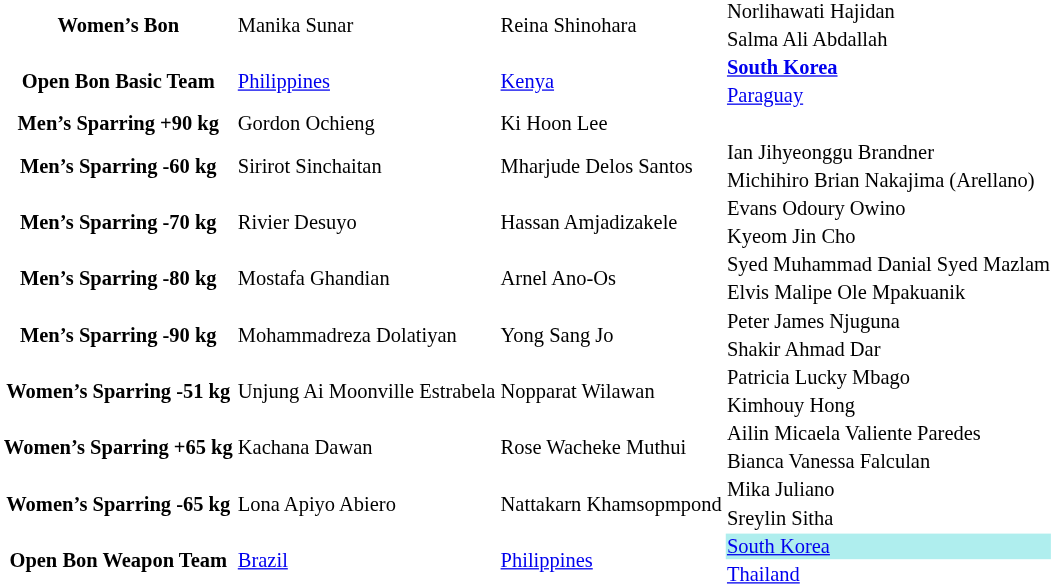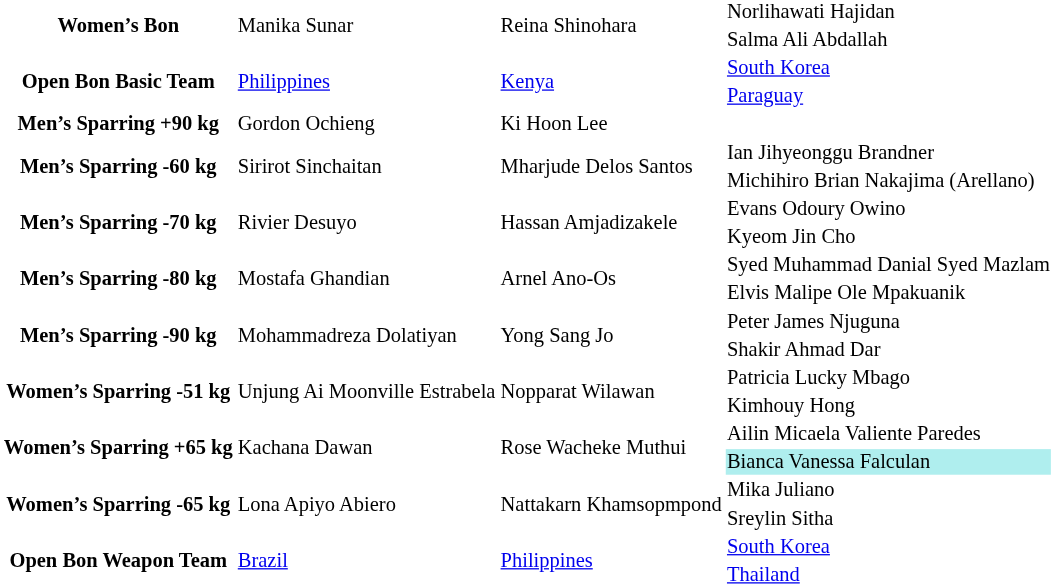 <table>
 <tr>
 <th scope=row rowspan=2>Women’s Bon</th>
 <td rowspan=2> Manika Sunar</td>
 <td rowspan=2> Reina Shinohara</td>
 <td> Norlihawati Hajidan</td>
 </tr>
 <tr>
 <td> Salma Ali Abdallah</td>
 </tr>
 <tr>
 <th scope=row rowspan=2>Open Bon Basic Team</th>
 <td rowspan=2> <a href='#'>Philippines</a></td>
 <td rowspan=2> <a href='#'>Kenya</a></td>
-<td><strong> <a href='#'>South Korea</a></strong></td>
+<td> <a href='#'>South Korea</a></td>
 </tr>
 <tr>
 <td> <a href='#'>Paraguay</a></td>
 </tr>
 <tr>
 <th scope=row rowspan=1>Men’s Sparring +90 kg</th>
 <td rowspan=1> Gordon Ochieng</td>
 <td rowspan=1> Ki Hoon Lee</td>
 </tr>
 <tr>
 <th scope=row rowspan=2>Men’s Sparring -60 kg</th>
 <td rowspan=2> Sirirot Sinchaitan</td>
 <td rowspan=2> Mharjude Delos Santos</td>
 <td> Ian Jihyeonggu Brandner</td>
 </tr>
 <tr>
 <td> Michihiro Brian Nakajima (Arellano)</td>
 </tr>
 <tr>
 <th scope=row rowspan=2>Men’s Sparring -70 kg</th>
 <td rowspan=2> Rivier Desuyo</td>
 <td rowspan=2> Hassan Amjadizakele</td>
 <td> Evans Odoury Owino</td>
 </tr>
 <tr>
 <td> Kyeom Jin Cho</td>
 </tr>
 <tr>
 <th scope=row rowspan=2>Men’s Sparring -80 kg</th>
 <td rowspan=2> Mostafa Ghandian</td>
 <td rowspan=2> Arnel Ano-Os</td>
 <td> Syed Muhammad Danial Syed Mazlam</td>
 </tr>
 <tr>
 <td> Elvis Malipe Ole Mpakuanik</td>
 </tr>
 <tr>
 <th scope=row rowspan=2>Men’s Sparring -90 kg</th>
 <td rowspan=2> Mohammadreza Dolatiyan</td>
 <td rowspan=2> Yong Sang Jo</td>
 <td> Peter James Njuguna</td>
 </tr>
 <tr>
 <td> Shakir Ahmad Dar</td>
 </tr>
 <tr>
 <th scope=row rowspan=2>Women’s Sparring -51 kg</th>
 <td rowspan=2> Unjung Ai Moonville Estrabela</td>
 <td rowspan=2> Nopparat Wilawan</td>
 <td> Patricia Lucky Mbago</td>
 </tr>
 <tr>
 <td> Kimhouy Hong</td>
 </tr>
 <tr>
 <th scope=row rowspan=2>Women’s Sparring +65 kg</th>
 <td rowspan=2> Kachana Dawan</td>
 <td rowspan=2> Rose Wacheke Muthui</td>
 <td> Ailin Micaela Valiente Paredes</td>
 </tr>
 <tr>
-<td> Bianca Vanessa Falculan</td>
+<td style="background: paleturquoise;"> Bianca Vanessa Falculan</td>
 </tr>
 <tr>
 <th scope=row rowspan=2>Women’s Sparring -65 kg</th>
 <td rowspan=2> Lona Apiyo Abiero</td>
 <td rowspan=2> Nattakarn Khamsopmpond</td>
 <td> Mika Juliano</td>
 </tr>
 <tr>
 <td> Sreylin Sitha</td>
 </tr>
 <tr>
 <th scope=row rowspan=2>Open Bon Weapon Team</th>
 <td rowspan=2> <a href='#'>Brazil</a></td>
 <td rowspan=2> <a href='#'>Philippines</a></td>
-<td style="background: paleturquoise;"> <a href='#'>South Korea</a></td>
+<td> <a href='#'>South Korea</a></td>
 </tr>
 <tr>
 <td> <a href='#'>Thailand</a></td>
 </tr>
 <tr>
 </tr>
 </table>
